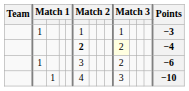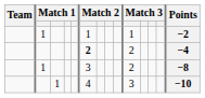 <table class="wikitable sortable" style="text-align:center;">
 <tr>
 <th rowspan=2>Team</th>
 <th colspan=4 style="border-left:3px solid gray">Match 1</th>
 <th colspan=4 style="border-left:3px solid gray">Match 2</th>
 <th colspan=4 style="border-left:3px solid gray">Match 3</th>
 <th rowspan=2 style="border-left:3px solid gray">Points</th>
 </tr>
 <tr>
 <th style="border-left:3px solid gray"></th>
 <th></th>
 <th></th>
 <th></th>
 <th style="border-left:3px solid gray"></th>
 <th></th>
 <th></th>
 <th></th>
 <th style="border-left:3px solid gray"></th>
 <th></th>
 <th></th>
 <th></th>
 </tr>
 <tr>
 <td align=left></td>
 <td style="border-left:3px solid gray">1</td>
 <td></td>
 <td></td>
 <td></td>
 <td style="border-left:3px solid gray">1</td>
 <td></td>
 <td></td>
 <td></td>
 <td style="border-left:3px solid gray">1</td>
 <td></td>
 <td></td>
 <td></td>
-<th style="border-left:3px solid gray">−3</th>
+<th style="border-left:3px solid gray">−2</th>
 </tr>
 <tr>
 <td align=left></td>
 <td style="border-left:3px solid gray"></td>
 <td></td>
 <td></td>
 <td></td>
 <td style="border-left:3px solid gray"><strong>2</strong></td>
 <td></td>
 <td></td>
 <td></td>
-<td style="background: lightyellow; border-left:3px solid gray">2</td>
+<td style="border-left:3px solid gray">2</td>
 <td></td>
 <td></td>
 <td></td>
 <th style="border-left:3px solid gray">−4</th>
 </tr>
 <tr>
 <td align=left></td>
 <td style="border-left:3px solid gray">1</td>
 <td></td>
 <td></td>
 <td></td>
 <td style="border-left:3px solid gray">3</td>
 <td></td>
 <td></td>
 <td></td>
 <td style="border-left:3px solid gray">2</td>
 <td></td>
 <td></td>
 <td></td>
-<th style="border-left:3px solid gray">−6</th>
+<th style="border-left:3px solid gray">−8</th>
 </tr>
 <tr>
 <td align=left></td>
 <td style="border-left:3px solid gray"></td>
 <td>1</td>
 <td></td>
 <td></td>
 <td style="border-left:3px solid gray">4</td>
 <td></td>
 <td></td>
 <td></td>
 <td style="border-left:3px solid gray">3</td>
 <td></td>
 <td></td>
 <td></td>
 <th style="border-left:3px solid gray">−10</th>
 </tr>
 </table>
